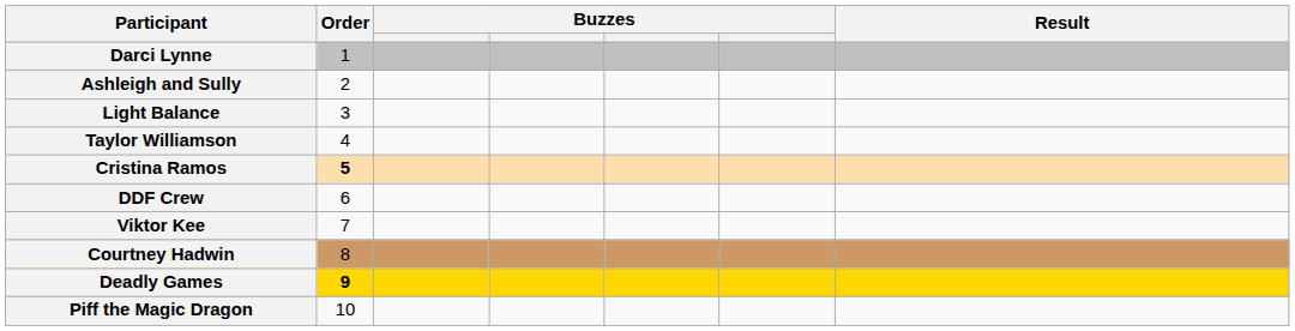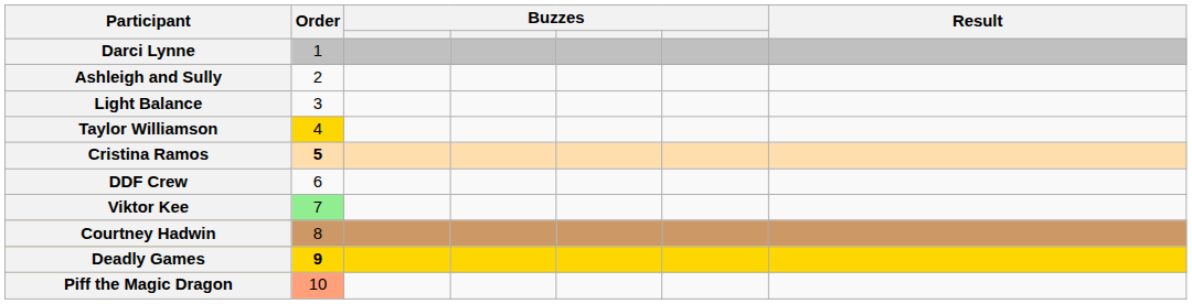 <table class="wikitable plainrowheaders sortable" style="text-align:center;">
 <tr>
 <th scope="col" rowspan="2" class="unsortable" style="width:17em;">Participant</th>
 <th scope="col" rowspan="2" style="width:1em;">Order</th>
 <th scope="col" colspan="4" class="unsortable" style="width:24em;">Buzzes</th>
 <th scope="col" rowspan="2" style="width:25em;">Result</th>
 </tr>
 <tr>
 <th scope="col" class="unsortable" style="width:6em;"></th>
 <th scope="col" class="unsortable" style="width:6em;"></th>
 <th scope="col" class="unsortable" style="width:6em;"></th>
 <th scope="col" class="unsortable" style="width:6em;"></th>
 </tr>
 <tr bgcolor=silver>
 <th scope="row">Darci Lynne </th>
 <td>1</td>
 <td style="text-align:center;"></td>
 <td style="text-align:center;"></td>
 <td style="text-align:center;"></td>
 <td style="text-align:center;"></td>
 <td></td>
 </tr>
 <tr>
 <th scope="row">Ashleigh and Sully</th>
 <td>2</td>
 <td style="text-align:center;"></td>
 <td style="text-align:center;"></td>
 <td style="text-align:center;"></td>
 <td style="text-align:center;"></td>
 <td></td>
 </tr>
 <tr>
 <th scope="row">Light Balance</th>
 <td>3</td>
 <td style="text-align:center;"></td>
 <td style="text-align:center;"></td>
 <td style="text-align:center;"></td>
 <td style="text-align:center;"></td>
 <td></td>
 </tr>
 <tr>
 <th scope="row">Taylor Williamson</th>
-<td>4</td>
+<td style="background: gold;">4</td>
 <td style="text-align:center;"></td>
 <td style="text-align:center;"></td>
 <td style="text-align:center;"></td>
 <td style="text-align:center;"></td>
 <td></td>
 </tr>
 <tr bgcolor=NavajoWhite>
 <th scope="row"><strong>Cristina Ramos</strong></th>
 <td><strong>5</strong></td>
 <td style="text-align:center;"></td>
 <td style="text-align:center;"></td>
 <td style="text-align:center;"></td>
 <td style="text-align:center;"></td>
 <td><strong></strong></td>
 </tr>
 <tr>
 <th scope="row">DDF Crew</th>
 <td>6</td>
 <td style="text-align:center;"></td>
 <td style="text-align:center;"></td>
 <td style="text-align:center;"></td>
 <td style="text-align:center;"></td>
 <td></td>
 </tr>
 <tr>
 <th scope="row">Viktor Kee</th>
-<td>7</td>
+<td style="background: lightgreen;">7</td>
 <td style="text-align:center;"></td>
 <td style="text-align:center;"></td>
 <td style="text-align:center;"></td>
 <td style="text-align:center;"></td>
 <td></td>
 </tr>
 <tr bgcolor=#c96>
 <th scope="row">Courtney Hadwin</th>
 <td>8</td>
 <td style="text-align:center;"></td>
 <td style="text-align:center;"></td>
 <td style="text-align:center;"></td>
 <td style="text-align:center;"></td>
 <td></td>
 </tr>
 <tr bgcolor=gold>
 <th scope="row"><strong>Deadly Games</strong></th>
 <td><strong>9</strong></td>
 <td style="text-align:center;"></td>
 <td style="text-align:center;"></td>
 <td style="text-align:center;"></td>
 <td style="text-align:center;"></td>
 <td><strong></strong></td>
 </tr>
 <tr>
 <th scope="row">Piff the Magic Dragon</th>
-<td>10</td>
+<td style="background: lightsalmon;">10</td>
 <td style="text-align:center;"></td>
 <td style="text-align:center;"></td>
 <td style="text-align:center;"></td>
 <td style="text-align:center;"></td>
 <td></td>
 </tr>
 </table>
